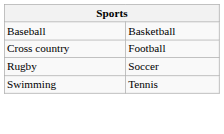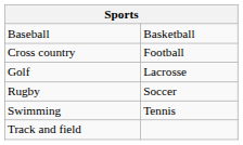 <table class="wikitable"; style=" ">
 <tr>
 <th colspan=2 width=300px>Sports</th>
 </tr>
 <tr>
 <td>Baseball</td>
 <td>Basketball</td>
 </tr>
 <tr>
 <td>Cross country</td>
 <td>Football</td>
 </tr>
 <tr>
+<td>Golf</td>
+<td>Lacrosse</td>
+</tr>
+<tr>
 <td>Rugby </td>
 <td>Soccer</td>
 </tr>
 <tr>
 <td>Swimming</td>
 <td>Tennis</td>
 </tr>
+<tr>
+<td>Track and field</td>
+<td></td>
+</tr>
 </table>
